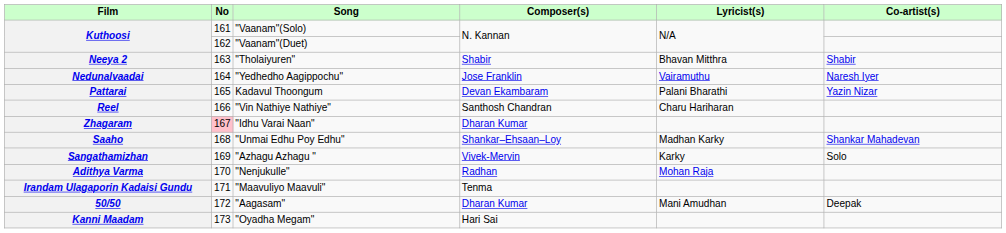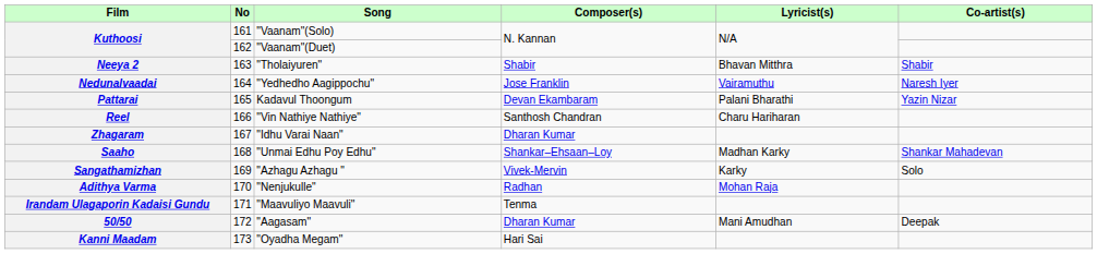 <table class="wikitable plainrowheaders" width="100%" textcolor:#000;">
 <tr style="background:#cfc; text-align:center;">
 <td scope="col" width=21%><strong>Film</strong></td>
 <td><strong>No</strong></td>
 <td scope="col" width=23%><strong>Song</strong></td>
 <td scope="col" width=20%><strong>Composer(s)</strong></td>
 <td scope="col" width=17%><strong>Lyricist(s)</strong></td>
 <td scope="col" width=18%><strong>Co-artist(s)</strong></td>
 </tr>
 <tr>
 <th rowspan="2"><em><a href='#'>Kuthoosi</a></em></th>
 <td>161</td>
 <td>"Vaanam"(Solo)</td>
 <td rowspan="2">N. Kannan</td>
 <td rowspan="2">N/A</td>
 <td></td>
 </tr>
 <tr>
 <td>162</td>
 <td>"Vaanam"(Duet)</td>
 <td></td>
 </tr>
 <tr>
 <th><em><a href='#'>Neeya 2</a></em></th>
 <td>163</td>
 <td>"Tholaiyuren"</td>
 <td><a href='#'>Shabir</a></td>
 <td>Bhavan Mitthra</td>
 <td><a href='#'>Shabir</a></td>
 </tr>
 <tr>
 <th><em><a href='#'>Nedunalvaadai</a></em></th>
 <td>164</td>
 <td>"Yedhedho Aagippochu"</td>
 <td><a href='#'>Jose Franklin</a></td>
 <td><a href='#'>Vairamuthu</a></td>
 <td><a href='#'>Naresh Iyer</a></td>
 </tr>
 <tr>
 <th><em><a href='#'>Pattarai</a></em></th>
 <td>165</td>
 <td>Kadavul Thoongum</td>
 <td><a href='#'>Devan Ekambaram</a></td>
 <td>Palani Bharathi</td>
 <td><a href='#'>Yazin Nizar</a></td>
 </tr>
 <tr>
 <th><em><a href='#'>Reel</a></em></th>
 <td>166</td>
 <td>"Vin Nathiye Nathiye"</td>
 <td>Santhosh Chandran</td>
 <td>Charu Hariharan</td>
 <td></td>
 </tr>
 <tr>
 <th><em><a href='#'>Zhagaram</a></em></th>
-<td style="background: pink;">167</td>
+<td>167</td>
 <td>"Idhu Varai Naan"</td>
 <td><a href='#'>Dharan Kumar</a></td>
 <td></td>
 <td></td>
 </tr>
 <tr>
 <th><em><a href='#'>Saaho</a></em></th>
 <td>168</td>
 <td>"Unmai Edhu Poy Edhu"</td>
 <td><a href='#'>Shankar–Ehsaan–Loy</a></td>
 <td>Madhan Karky</td>
 <td><a href='#'>Shankar Mahadevan</a></td>
 </tr>
 <tr>
 <th><em><a href='#'>Sangathamizhan</a></em></th>
 <td>169</td>
 <td>"Azhagu Azhagu "</td>
 <td><a href='#'>Vivek-Mervin</a></td>
 <td>Karky</td>
 <td>Solo</td>
 </tr>
 <tr>
 <th><em><a href='#'>Adithya Varma</a></em></th>
 <td>170</td>
 <td>"Nenjukulle"</td>
 <td><a href='#'>Radhan</a></td>
 <td><a href='#'>Mohan Raja</a></td>
 <td></td>
 </tr>
 <tr>
 <th><em><a href='#'>Irandam Ulagaporin Kadaisi Gundu</a></em></th>
 <td>171</td>
 <td>"Maavuliyo Maavuli"</td>
 <td>Tenma</td>
 <td></td>
 <td></td>
 </tr>
 <tr>
 <th><em><a href='#'>50/50</a></em></th>
 <td>172</td>
 <td>"Aagasam"</td>
 <td><a href='#'>Dharan Kumar</a></td>
 <td>Mani Amudhan</td>
 <td>Deepak</td>
 </tr>
 <tr>
 <th><em><a href='#'>Kanni Maadam</a></em></th>
 <td>173</td>
 <td>"Oyadha Megam"</td>
 <td>Hari Sai</td>
 <td></td>
 <td></td>
 </tr>
 </table>
